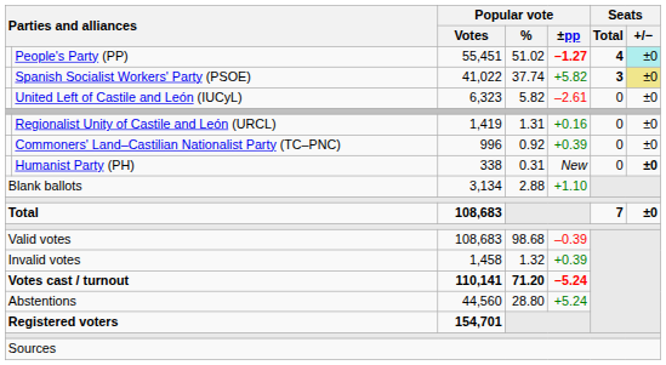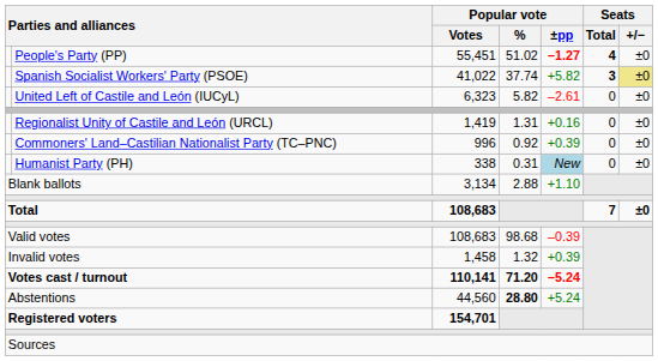 <table class="wikitable" style="text-align:right;">
 <tr>
 <th style="text-align:left;" rowspan="2" colspan="2" width="525">Parties and alliances</th>
 <th colspan="3">Popular vote</th>
 <th colspan="2">Seats</th>
 </tr>
 <tr>
 <th width="75">Votes</th>
 <th width="45">%</th>
 <th width="45">±<a href='#'>pp</a></th>
 <th width="35">Total</th>
 <th width="35">+/−</th>
 </tr>
 <tr>
 <td width="1" style="color:inherit;background:"></td>
 <td align="left"><a href='#'>People's Party</a> (PP)</td>
 <td>55,451</td>
 <td>51.02</td>
 <td style="color:red;"><strong>–1.27</strong></td>
 <td><strong>4</strong></td>
-<td style="background: paleturquoise;">±0</td>
+<td>±0</td>
 </tr>
 <tr>
 <td style="color:inherit;background:"></td>
 <td align="left"><a href='#'>Spanish Socialist Workers' Party</a> (PSOE)</td>
 <td>41,022</td>
 <td>37.74</td>
 <td style="color:green;">+5.82</td>
 <td><strong>3</strong></td>
 <td style="background: khaki;">±0</td>
 </tr>
 <tr>
 <td style="color:inherit;background:"></td>
 <td align="left"><a href='#'>United Left of Castile and León</a> (IUCyL)</td>
 <td>6,323</td>
 <td>5.82</td>
 <td style="color:red;">–2.61</td>
 <td>0</td>
 <td>±0</td>
 </tr>
 <tr>
 <td colspan="7" bgcolor="#C0C0C0"></td>
 </tr>
 <tr>
 <td style="color:inherit;background:"></td>
 <td align="left"><a href='#'>Regionalist Unity of Castile and León</a> (URCL)</td>
 <td>1,419</td>
 <td>1.31</td>
 <td style="color:green;">+0.16</td>
 <td>0</td>
 <td>±0</td>
 </tr>
 <tr>
 <td style="color:inherit;background:"></td>
 <td align="left"><a href='#'>Commoners' Land–Castilian Nationalist Party</a> (TC–PNC)</td>
 <td>996</td>
 <td>0.92</td>
 <td style="color:green;">+0.39</td>
 <td>0</td>
 <td>±0</td>
 </tr>
 <tr>
 <td style="color:inherit;background:"></td>
 <td align="left"><a href='#'>Humanist Party</a> (PH)</td>
 <td>338</td>
 <td>0.31</td>
-<td><em>New</em></td>
+<td style="background: lightblue;"><em>New</em></td>
 <td>0</td>
-<td><strong>±0</strong></td>
+<td>±0</td>
 </tr>
 <tr>
 <td align="left" colspan="2">Blank ballots</td>
 <td>3,134</td>
 <td>2.88</td>
 <td style="color:green;">+1.10</td>
 <td bgcolor="#E9E9E9" colspan="2"></td>
 </tr>
 <tr>
 <td colspan="7" bgcolor="#E9E9E9"></td>
 </tr>
 <tr style="font-weight:bold;">
 <td align="left" colspan="2">Total</td>
 <td>108,683</td>
 <td bgcolor="#E9E9E9" colspan="2"></td>
 <td>7</td>
 <td>±0</td>
 </tr>
 <tr>
 <td colspan="7" bgcolor="#E9E9E9"></td>
 </tr>
 <tr>
 <td align="left" colspan="2">Valid votes</td>
 <td>108,683</td>
 <td>98.68</td>
 <td style="color:red;">–0.39</td>
 <td bgcolor="#E9E9E9" colspan="2" rowspan="5"></td>
 </tr>
 <tr>
 <td align="left" colspan="2">Invalid votes</td>
 <td>1,458</td>
 <td>1.32</td>
 <td style="color:green;">+0.39</td>
 </tr>
 <tr style="font-weight:bold;">
 <td align="left" colspan="2">Votes cast / turnout</td>
 <td>110,141</td>
 <td>71.20</td>
 <td style="color:red;">–5.24</td>
 </tr>
 <tr>
 <td align="left" colspan="2">Abstentions</td>
 <td>44,560</td>
-<td>28.80</td>
+<td><strong>28.80</strong></td>
 <td style="color:green;">+5.24</td>
 </tr>
 <tr style="font-weight:bold;">
 <td align="left" colspan="2">Registered voters</td>
 <td>154,701</td>
 <td bgcolor="#E9E9E9" colspan="2"></td>
 </tr>
 <tr>
 <td colspan="7" bgcolor="#E9E9E9"></td>
 </tr>
 <tr>
 <td align="left" colspan="7">Sources</td>
 </tr>
 </table>
